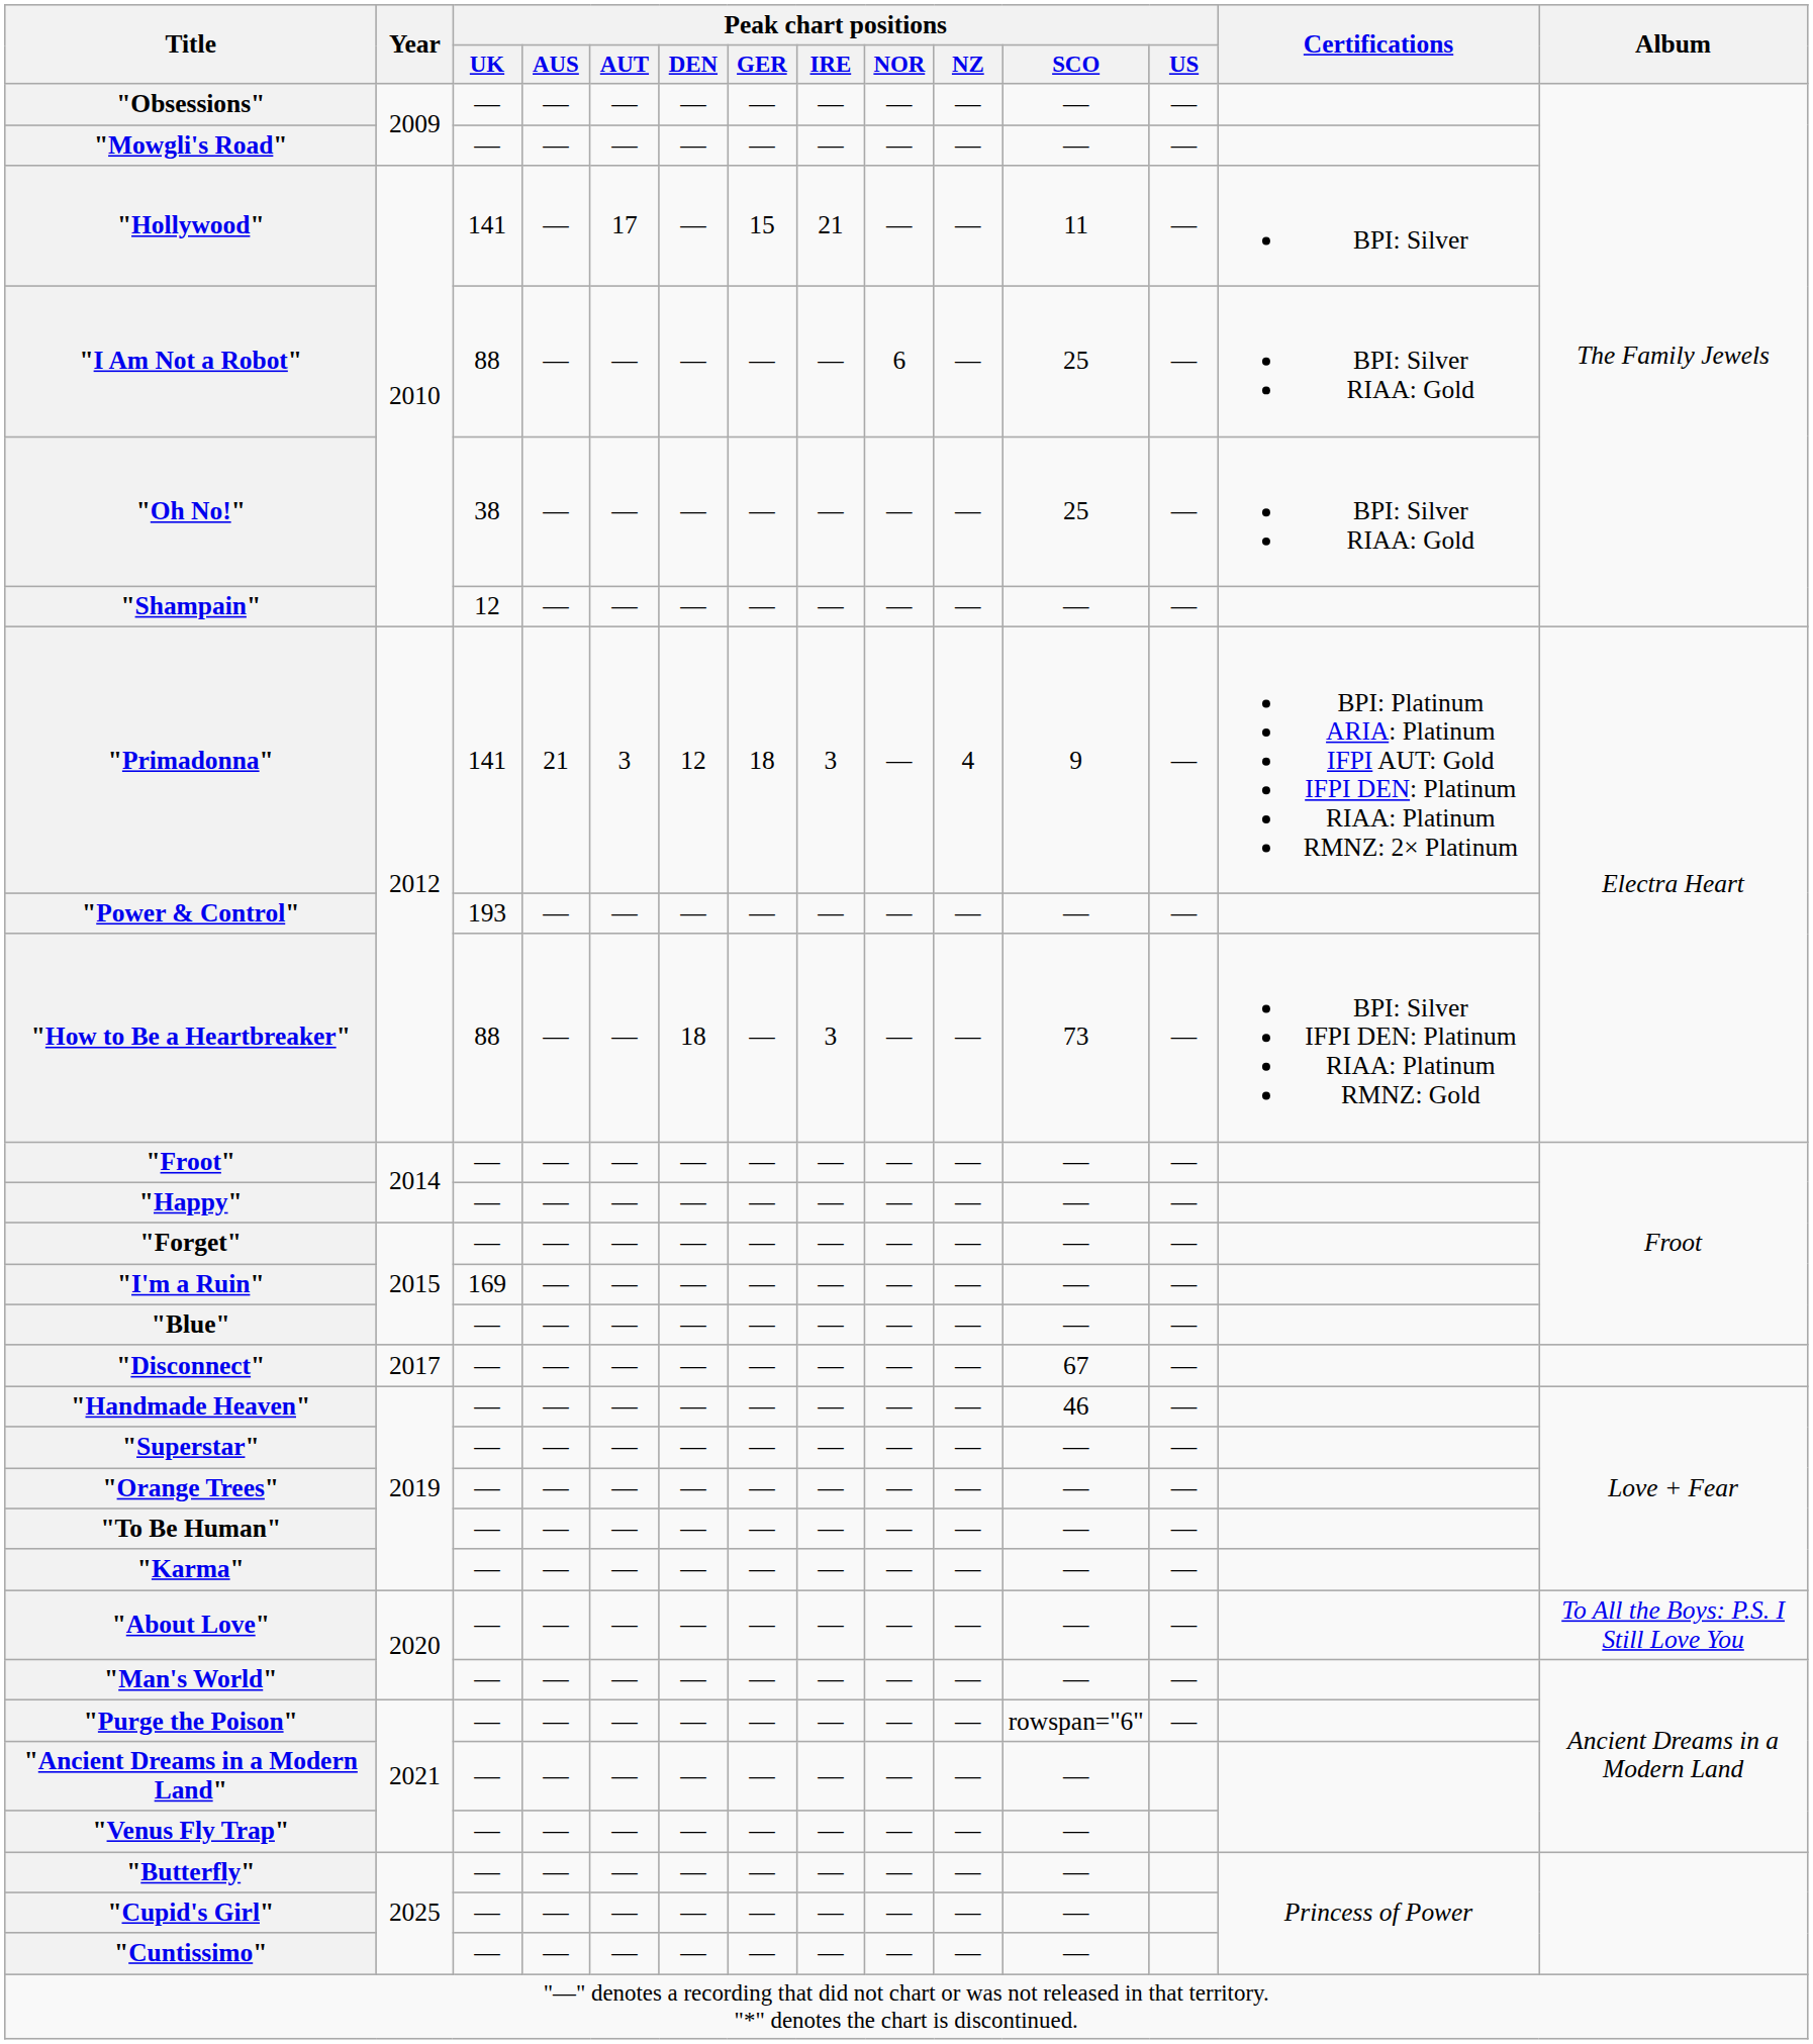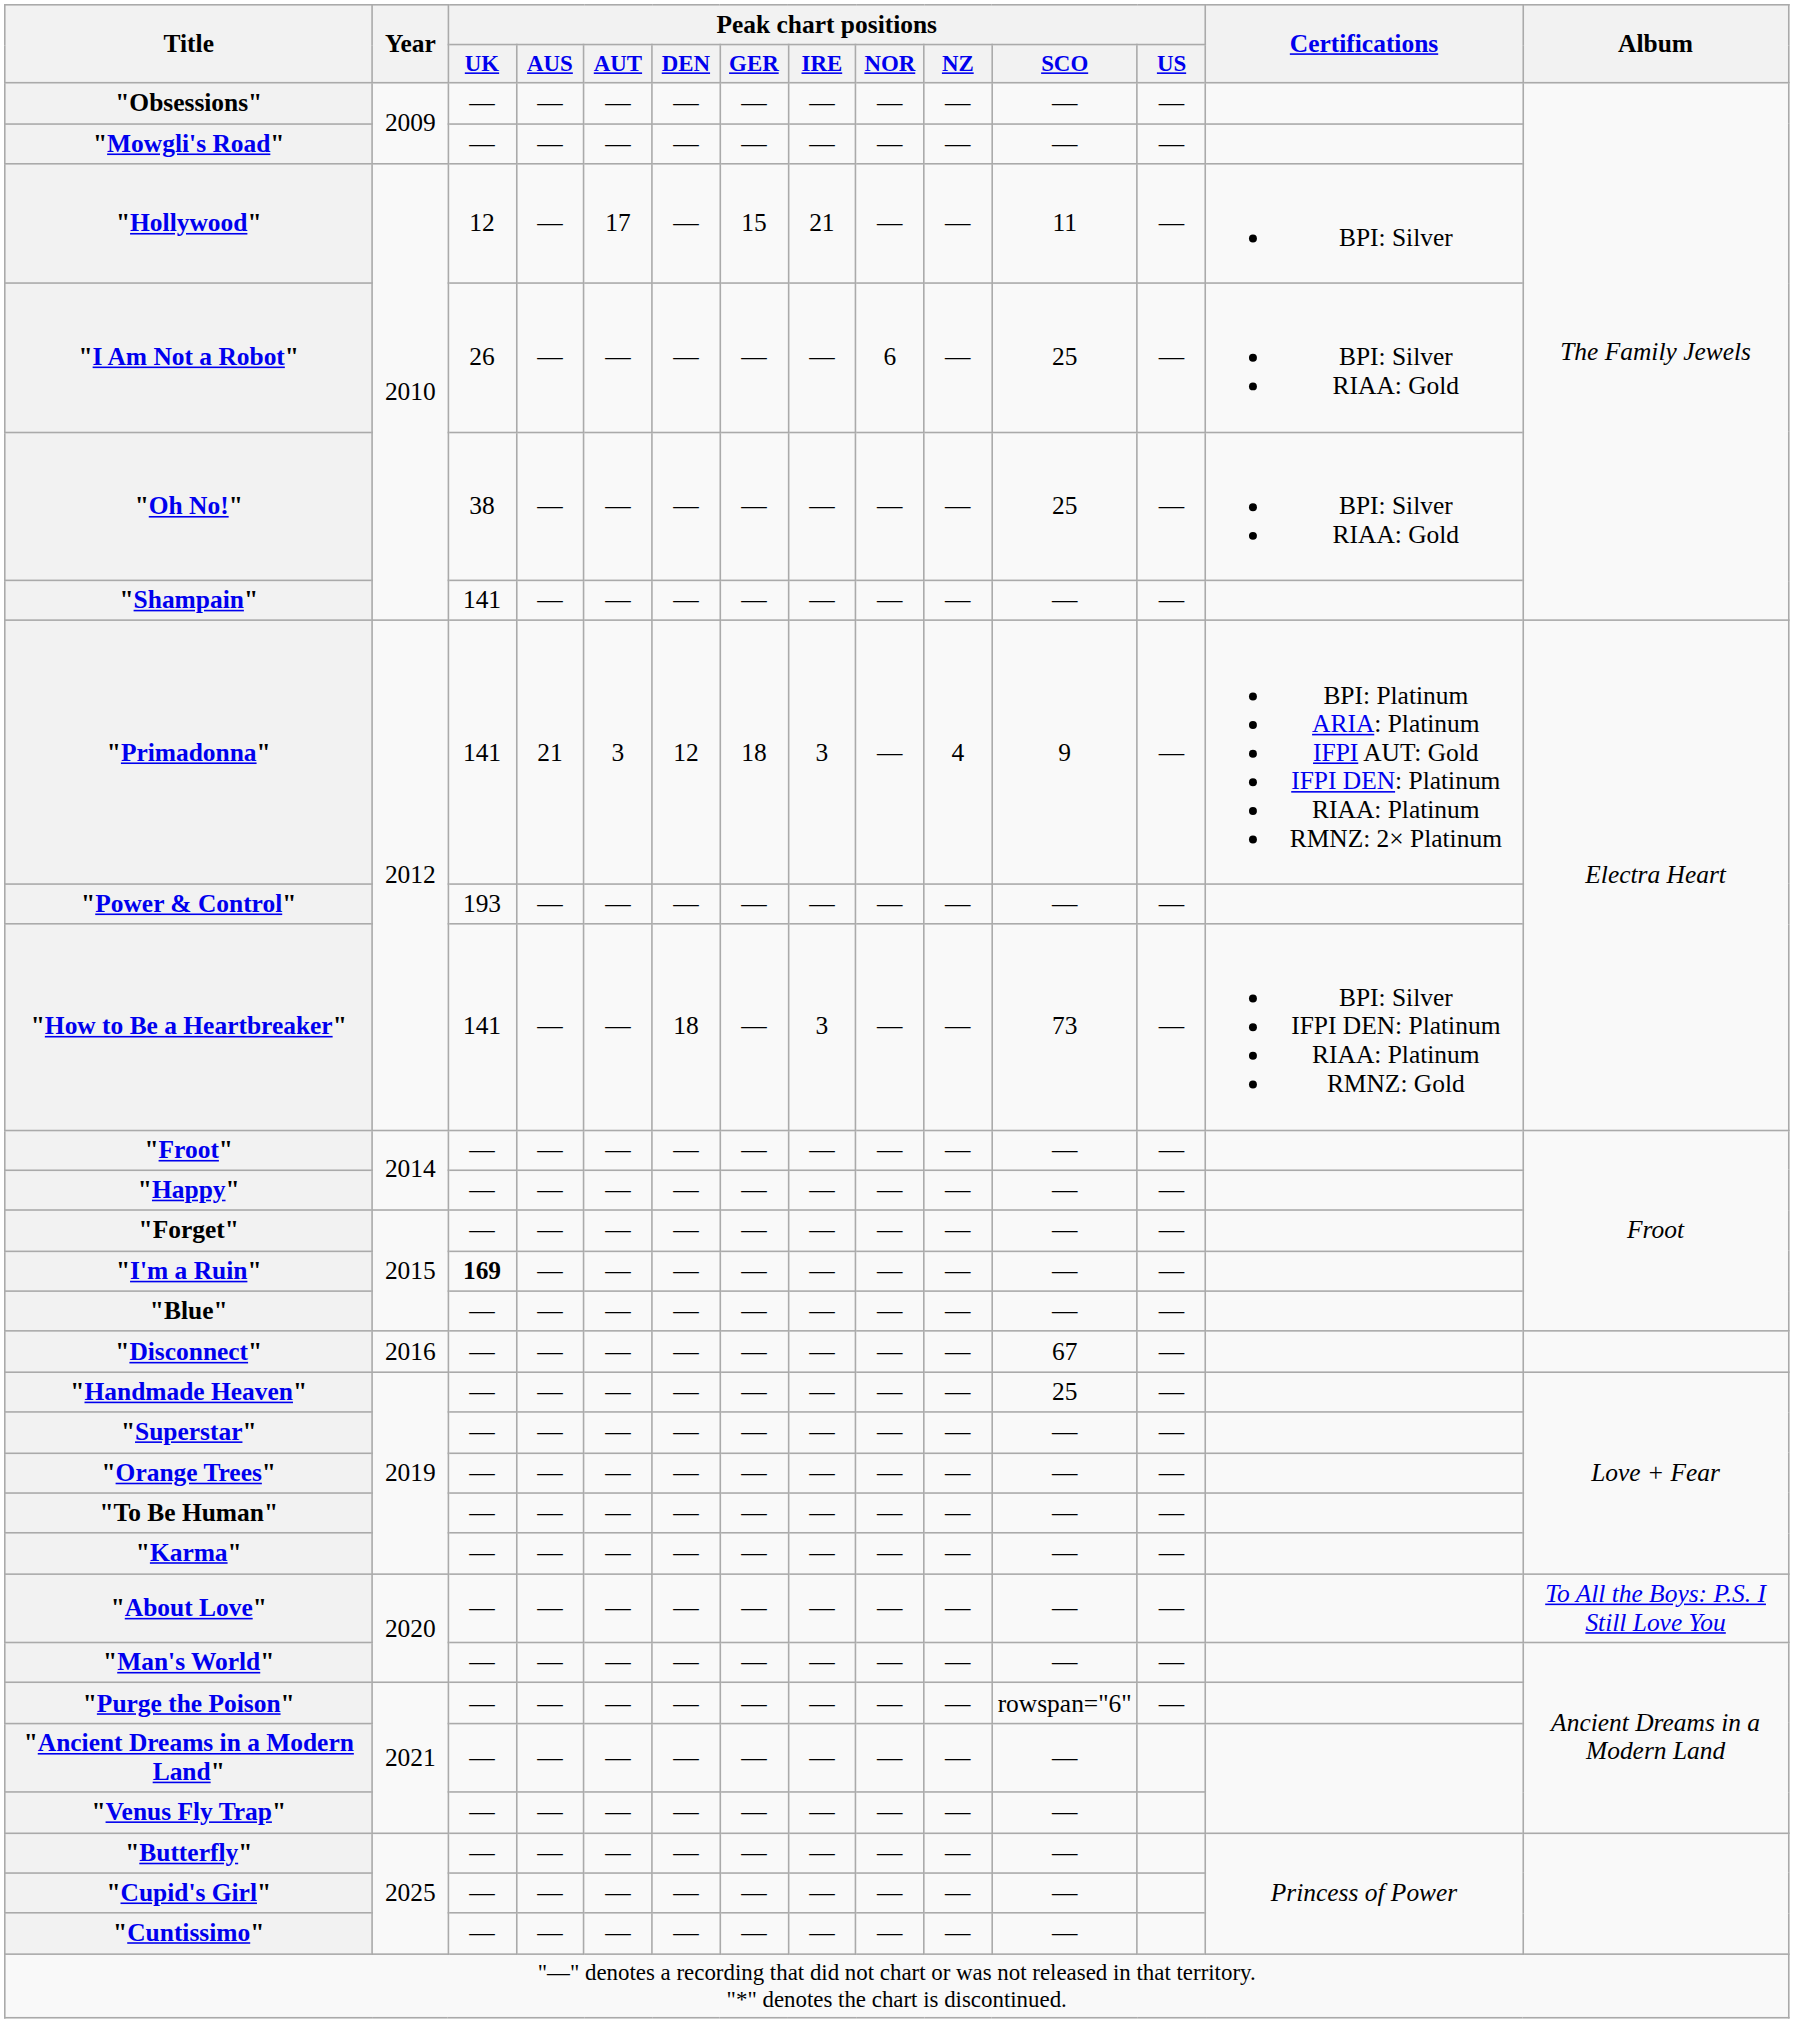 <table class="wikitable plainrowheaders" style="text-align:center;">
 <tr>
 <th scope="col" rowspan="2" style="width:14em;">Title</th>
 <th scope="col" rowspan="2" style="width:2.5em;">Year</th>
 <th scope="col" colspan="10">Peak chart positions</th>
 <th scope="col" rowspan="2" style="width:12em;"><a href='#'>Certifications</a></th>
 <th scope="col" rowspan="2" style="width:10em;">Album</th>
 </tr>
 <tr>
 <th scope="col" style="width:2.5em;font-size:90%;"><a href='#'>UK</a><br></th>
 <th scope="col" style="width:2.5em;font-size:90%;"><a href='#'>AUS</a><br></th>
 <th scope="col" style="width:2.5em;font-size:90%;"><a href='#'>AUT</a><br></th>
 <th scope="col" style="width:2.5em;font-size:90%;"><a href='#'>DEN</a><br></th>
 <th scope="col" style="width:2.5em;font-size:90%;"><a href='#'>GER</a><br></th>
 <th scope="col" style="width:2.5em;font-size:90%;"><a href='#'>IRE</a><br></th>
 <th scope="col" style="width:2.5em;font-size:90%;"><a href='#'>NOR</a><br></th>
 <th scope="col" style="width:2.5em;font-size:90%;"><a href='#'>NZ</a><br></th>
 <th scope="col" style="width:2.5em;font-size:90%;"><a href='#'>SCO</a><br></th>
 <th scope="col" style="width:2.5em;font-size:90%;"><a href='#'>US</a></th>
 </tr>
 <tr>
 <th scope="row">"Obsessions"</th>
 <td rowspan="2">2009</td>
 <td>—</td>
 <td>—</td>
 <td>—</td>
 <td>—</td>
 <td>—</td>
 <td>—</td>
 <td>—</td>
 <td>—</td>
 <td>—</td>
 <td>—</td>
 <td></td>
 <td rowspan="6"><em>The Family Jewels</em></td>
 </tr>
 <tr>
 <th scope="row">"<a href='#'>Mowgli's Road</a>"</th>
 <td>—</td>
 <td>—</td>
 <td>—</td>
 <td>—</td>
 <td>—</td>
 <td>—</td>
 <td>—</td>
 <td>—</td>
 <td>—</td>
 <td>—</td>
 <td></td>
 </tr>
 <tr>
 <th scope="row">"<a href='#'>Hollywood</a>"</th>
 <td rowspan="4">2010</td>
-<td>141</td>
+<td>12</td>
 <td>—</td>
 <td>17</td>
 <td>—</td>
 <td>15</td>
 <td>21</td>
 <td>—</td>
 <td>—</td>
 <td>11</td>
 <td>—</td>
 <td><br><ul><li>BPI: Silver</li></ul></td>
 </tr>
 <tr>
 <th scope="row">"<a href='#'>I Am Not a Robot</a>"</th>
-<td>88</td>
+<td>26</td>
 <td>—</td>
 <td>—</td>
 <td>—</td>
 <td>—</td>
 <td>—</td>
 <td>6</td>
 <td>—</td>
 <td>25</td>
 <td>—</td>
 <td><br><ul><li>BPI: Silver</li><li>RIAA: Gold</li></ul></td>
 </tr>
 <tr>
 <th scope="row">"<a href='#'>Oh No!</a>"</th>
 <td>38</td>
 <td>—</td>
 <td>—</td>
 <td>—</td>
 <td>—</td>
 <td>—</td>
 <td>—</td>
 <td>—</td>
 <td>25</td>
 <td>—</td>
 <td><br><ul><li>BPI: Silver</li><li>RIAA: Gold</li></ul></td>
 </tr>
 <tr>
 <th scope="row">"<a href='#'>Shampain</a>"</th>
-<td>12</td>
+<td>141</td>
 <td>—</td>
 <td>—</td>
 <td>—</td>
 <td>—</td>
 <td>—</td>
 <td>—</td>
 <td>—</td>
 <td>—</td>
 <td>—</td>
 <td></td>
 </tr>
 <tr>
 <th scope="row">"<a href='#'>Primadonna</a>"</th>
 <td rowspan="3">2012</td>
 <td>141</td>
 <td>21</td>
 <td>3</td>
 <td>12</td>
 <td>18</td>
 <td>3</td>
 <td>—</td>
 <td>4</td>
 <td>9</td>
 <td>—</td>
 <td><br><ul><li>BPI: Platinum</li><li><a href='#'>ARIA</a>: Platinum</li><li><a href='#'>IFPI</a> AUT: Gold</li><li><a href='#'>IFPI DEN</a>: Platinum</li><li>RIAA: Platinum</li><li>RMNZ: 2× Platinum</li></ul></td>
 <td rowspan="3"><em>Electra Heart</em></td>
 </tr>
 <tr>
 <th scope="row">"<a href='#'>Power & Control</a>"</th>
 <td>193</td>
 <td>—</td>
 <td>—</td>
 <td>—</td>
 <td>—</td>
 <td>—</td>
 <td>—</td>
 <td>—</td>
 <td>—</td>
 <td>—</td>
 <td></td>
 </tr>
 <tr>
 <th scope="row">"<a href='#'>How to Be a Heartbreaker</a>"</th>
-<td>88</td>
+<td>141</td>
 <td>—</td>
 <td>—</td>
 <td>18</td>
 <td>—</td>
 <td>3</td>
 <td>—</td>
 <td>—</td>
 <td>73</td>
 <td>—</td>
 <td><br><ul><li>BPI: Silver</li><li>IFPI DEN: Platinum</li><li>RIAA: Platinum</li><li>RMNZ: Gold</li></ul></td>
 </tr>
 <tr>
 <th scope="row">"<a href='#'>Froot</a>"</th>
 <td rowspan="2">2014</td>
 <td>—</td>
 <td>—</td>
 <td>—</td>
 <td>—</td>
 <td>—</td>
 <td>—</td>
 <td>—</td>
 <td>—</td>
 <td>—</td>
 <td>—</td>
 <td></td>
 <td rowspan="5"><em>Froot</em></td>
 </tr>
 <tr>
 <th scope="row">"<a href='#'>Happy</a>"</th>
 <td>—</td>
 <td>—</td>
 <td>—</td>
 <td>—</td>
 <td>—</td>
 <td>—</td>
 <td>—</td>
 <td>—</td>
 <td>—</td>
 <td>—</td>
 <td></td>
 </tr>
 <tr>
 <th scope="row">"Forget"</th>
 <td rowspan="3">2015</td>
 <td>—</td>
 <td>—</td>
 <td>—</td>
 <td>—</td>
 <td>—</td>
 <td>—</td>
 <td>—</td>
 <td>—</td>
 <td>—</td>
 <td>—</td>
 <td></td>
 </tr>
 <tr>
 <th scope="row">"<a href='#'>I'm a Ruin</a>"</th>
-<td>169</td>
+<td><strong>169</strong></td>
 <td>—</td>
 <td>—</td>
 <td>—</td>
 <td>—</td>
 <td>—</td>
 <td>—</td>
 <td>—</td>
 <td>—</td>
 <td>—</td>
 <td></td>
 </tr>
 <tr>
 <th scope="row">"Blue"</th>
 <td>—</td>
 <td>—</td>
 <td>—</td>
 <td>—</td>
 <td>—</td>
 <td>—</td>
 <td>—</td>
 <td>—</td>
 <td>—</td>
 <td>—</td>
 <td></td>
 </tr>
 <tr>
 <th scope="row">"<a href='#'>Disconnect</a>"<br></th>
-<td>2017</td>
+<td>2016</td>
 <td>—</td>
 <td>—</td>
 <td>—</td>
 <td>—</td>
 <td>—</td>
 <td>—</td>
 <td>—</td>
 <td>—</td>
 <td>67</td>
 <td>—</td>
 <td></td>
 <td></td>
 </tr>
 <tr>
 <th scope="row">"<a href='#'>Handmade Heaven</a>"</th>
 <td rowspan="5">2019</td>
 <td>—</td>
 <td>—</td>
 <td>—</td>
 <td>—</td>
 <td>—</td>
 <td>—</td>
 <td>—</td>
 <td>—</td>
-<td>46</td>
+<td>25</td>
 <td>—</td>
 <td></td>
 <td rowspan="5"><em>Love + Fear</em></td>
 </tr>
 <tr>
 <th scope="row">"<a href='#'>Superstar</a>"</th>
 <td>—</td>
 <td>—</td>
 <td>—</td>
 <td>—</td>
 <td>—</td>
 <td>—</td>
 <td>—</td>
 <td>—</td>
 <td>—</td>
 <td>—</td>
 <td></td>
 </tr>
 <tr>
 <th scope="row">"<a href='#'>Orange Trees</a>"</th>
 <td>—</td>
 <td>—</td>
 <td>—</td>
 <td>—</td>
 <td>—</td>
 <td>—</td>
 <td>—</td>
 <td>—</td>
 <td>—</td>
 <td>—</td>
 <td></td>
 </tr>
 <tr>
 <th scope="row">"To Be Human"</th>
 <td>—</td>
 <td>—</td>
 <td>—</td>
 <td>—</td>
 <td>—</td>
 <td>—</td>
 <td>—</td>
 <td>—</td>
 <td>—</td>
 <td>—</td>
 <td></td>
 </tr>
 <tr>
 <th scope="row">"<a href='#'>Karma</a>"</th>
 <td>—</td>
 <td>—</td>
 <td>—</td>
 <td>—</td>
 <td>—</td>
 <td>—</td>
 <td>—</td>
 <td>—</td>
 <td>—</td>
 <td>—</td>
 <td></td>
 </tr>
 <tr>
 <th scope="row">"<a href='#'>About Love</a>"</th>
 <td rowspan="2">2020</td>
 <td>—</td>
 <td>—</td>
 <td>—</td>
 <td>—</td>
 <td>—</td>
 <td>—</td>
 <td>—</td>
 <td>—</td>
 <td>—</td>
 <td>—</td>
 <td></td>
 <td><em><a href='#'>To All the Boys: P.S. I Still Love You</a></em></td>
 </tr>
 <tr>
 <th scope="row">"<a href='#'>Man's World</a>"</th>
 <td>—</td>
 <td>—</td>
 <td>—</td>
 <td>—</td>
 <td>—</td>
 <td>—</td>
 <td>—</td>
 <td>—</td>
 <td>—</td>
 <td>—</td>
 <td></td>
 <td rowspan="4"><em>Ancient Dreams in a Modern Land</em></td>
 </tr>
 <tr>
 <th scope="row">"<a href='#'>Purge the Poison</a>"</th>
 <td rowspan="3">2021</td>
 <td>—</td>
 <td>—</td>
 <td>—</td>
 <td>—</td>
 <td>—</td>
 <td>—</td>
 <td>—</td>
 <td>—</td>
 <td>rowspan="6" </td>
 <td>—</td>
 <td></td>
 </tr>
 <tr>
 <th scope="row">"<a href='#'>Ancient Dreams in a Modern Land</a>"</th>
 <td>—</td>
 <td>—</td>
 <td>—</td>
 <td>—</td>
 <td>—</td>
 <td>—</td>
 <td>—</td>
 <td>—</td>
 <td>—</td>
 <td></td>
 </tr>
 <tr>
 <th scope="row">"<a href='#'>Venus Fly Trap</a>"</th>
 <td>—</td>
 <td>—</td>
 <td>—</td>
 <td>—</td>
 <td>—</td>
 <td>—</td>
 <td>—</td>
 <td>—</td>
 <td>—</td>
 <td></td>
 </tr>
 <tr>
 <th scope="row">"<a href='#'>Butterfly</a>"</th>
 <td rowspan="3">2025</td>
 <td>—</td>
 <td>—</td>
 <td>—</td>
 <td>—</td>
 <td>—</td>
 <td>—</td>
 <td>—</td>
 <td>—</td>
 <td>—</td>
 <td></td>
 <td rowspan="3"><em>Princess of Power</em></td>
 </tr>
 <tr>
 <th scope="row">"<a href='#'>Cupid's Girl</a>"</th>
 <td>—</td>
 <td>—</td>
 <td>—</td>
 <td>—</td>
 <td>—</td>
 <td>—</td>
 <td>—</td>
 <td>—</td>
 <td>—</td>
 <td></td>
 </tr>
 <tr>
 <th scope="row">"<a href='#'>Cuntissimo</a>"</th>
 <td>—</td>
 <td>—</td>
 <td>—</td>
 <td>—</td>
 <td>—</td>
 <td>—</td>
 <td>—</td>
 <td>—</td>
 <td>—</td>
 </tr>
 <tr>
 <td colspan="14" style="font-size:90%">"—" denotes a recording that did not chart or was not released in that territory.<br>"*" denotes the chart is discontinued.</td>
 </tr>
 </table>
